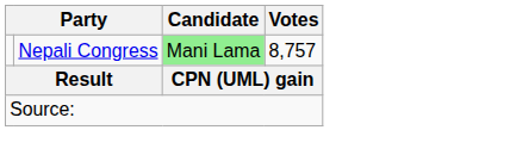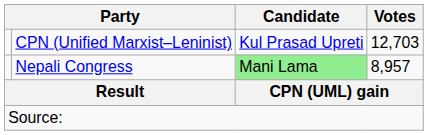 <table class="wikitable">
 <tr>
 <th colspan="2">Party</th>
 <th>Candidate</th>
 <th>Votes</th>
 </tr>
 <tr>
 <td style="background-color:"></td>
+<td><a href='#'>CPN (Unified Marxist–Leninist)</a></td>
+<td><a href='#'>Kul Prasad Upreti</a></td>
+<td>12,703</td>
+</tr>
+<tr>
+<td style="background-color:"></td>
 <td><a href='#'>Nepali Congress</a></td>
 <td style="background: lightgreen;">Mani Lama</td>
-<td>8,757</td>
+<td>8,957</td>
 </tr>
 <tr>
 <th colspan="2">Result</th>
 <th colspan="2">CPN (UML) gain</th>
 </tr>
 <tr>
 <td colspan="4">Source: </td>
 </tr>
 </table>
